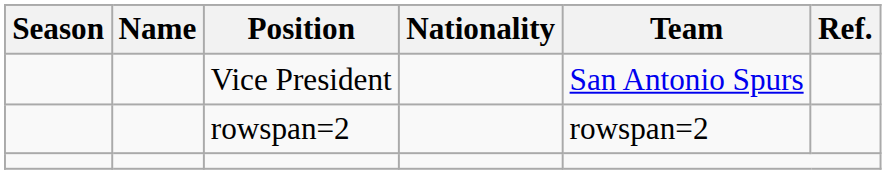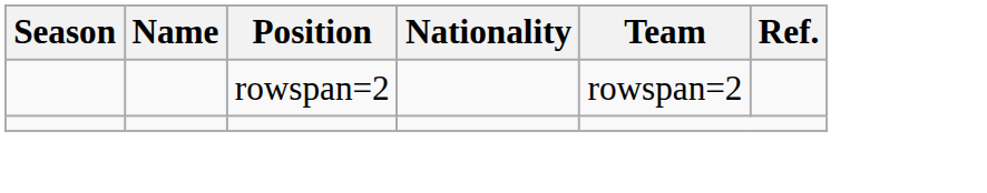 <table class="wikitable plainrowheaders sortable" summary="Season (sortable), Player (sortable), Position (sortable), Nationality (sortable), Team (sortable) and References">
 <tr>
 <th scope="col">Season</th>
 <th scope="col">Name</th>
 <th scope="col">Position</th>
 <th scope="col">Nationality</th>
 <th scope="col">Team</th>
 <th scope="col" class="unsortable">Ref.</th>
-</tr>
-<tr>
-<td></td>
-<td></td>
-<td>Vice President</td>
-<td></td>
-<td><a href='#'>San Antonio Spurs</a></td>
-<td align=center></td>
 </tr>
 <tr>
 <td></td>
 <td></td>
 <td>rowspan=2 </td>
 <td></td>
 <td>rowspan=2 </td>
 <td align=center></td>
 </tr>
 <tr>
 <td></td>
 <td></td>
 <td></td>
 <td align=center></td>
 </tr>
 </table>
